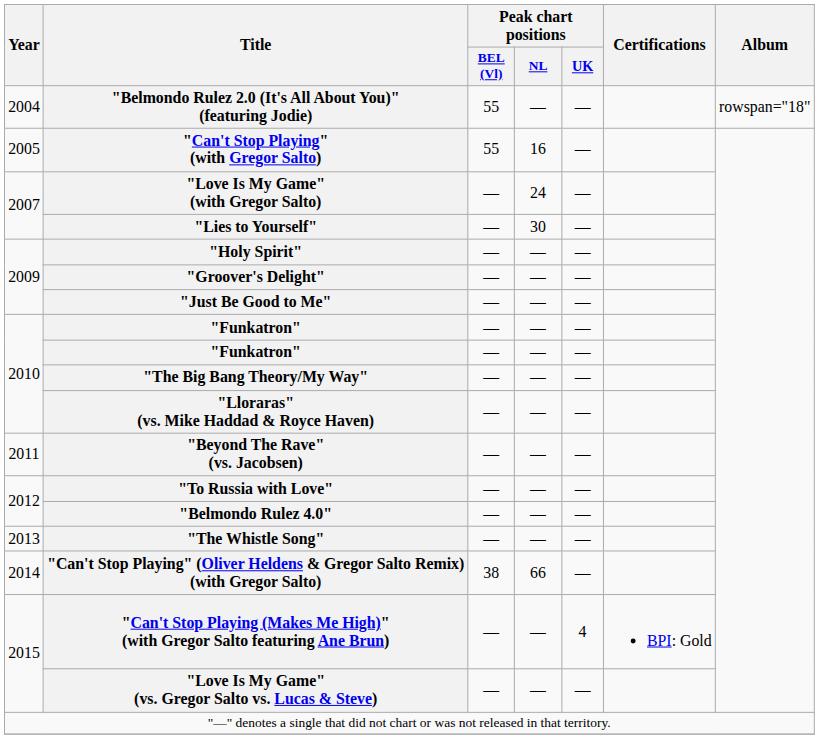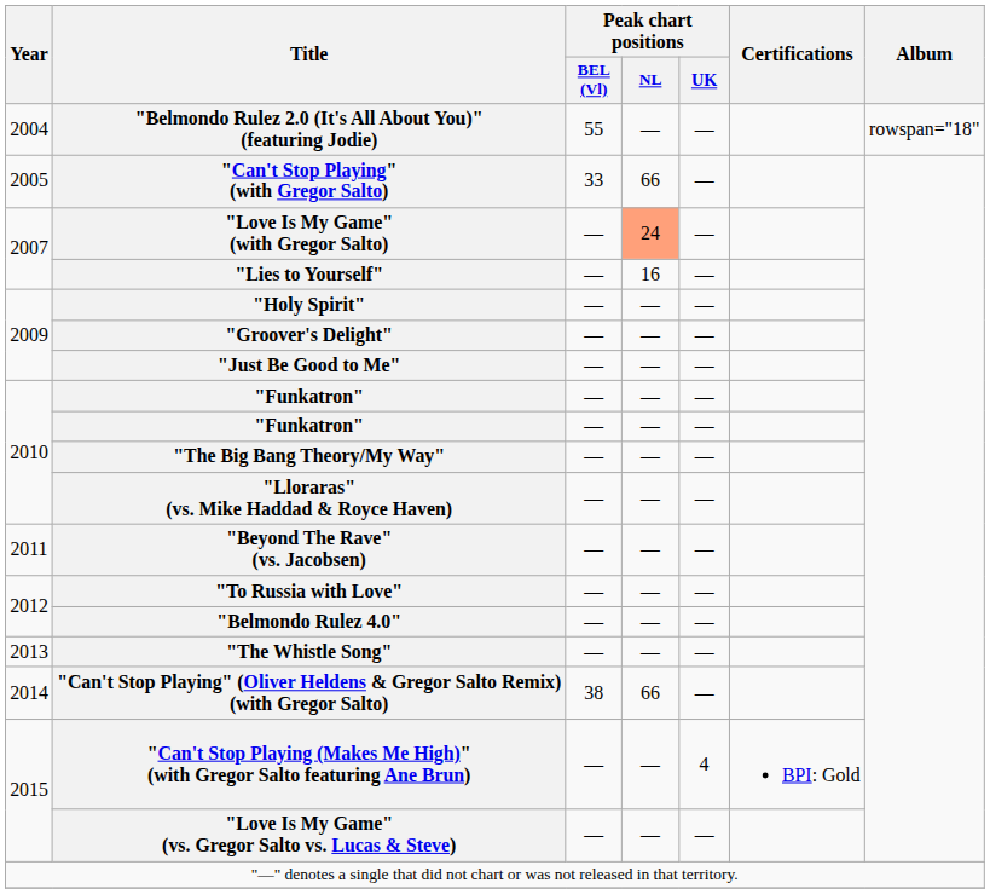 <table class="wikitable plainrowheaders" style="text-align:center;">
 <tr>
 <th scope="col" rowspan="2">Year</th>
 <th scope="col" rowspan="2">Title</th>
 <th scope="col" colspan="3">Peak chart positions</th>
 <th scope="col" rowspan="2">Certifications</th>
 <th scope="col" rowspan="2">Album</th>
 </tr>
 <tr>
 <th scope="col" style="width:3em;font-size:85%;"><a href='#'>BEL (Vl)</a><br></th>
 <th scope="col" style="width:3em;font-size:85%;"><a href='#'>NL</a><br></th>
 <th scope="col" style="width:2.5em;font-size:90%;"><a href='#'>UK</a><br></th>
 </tr>
 <tr>
 <td>2004</td>
 <th scope="row">"Belmondo Rulez 2.0 (It's All About You)"<br><span>(featuring Jodie)</span></th>
 <td>55</td>
 <td>—</td>
 <td>—</td>
 <td></td>
 <td>rowspan="18" </td>
 </tr>
 <tr>
 <td>2005</td>
 <th scope="row">"<a href='#'>Can't Stop Playing</a>"<br><span>(with <a href='#'>Gregor Salto</a>)</span></th>
-<td>55</td>
-<td>16</td>
+<td>33</td>
+<td>66</td>
 <td>—</td>
 <td></td>
 </tr>
 <tr>
 <td rowspan="2">2007</td>
 <th scope="row">"Love Is My Game"<br><span>(with Gregor Salto)</span></th>
 <td>—</td>
-<td>24</td>
+<td style="background: lightsalmon;">24</td>
 <td>—</td>
 <td></td>
 </tr>
 <tr>
 <th scope="row">"Lies to Yourself"</th>
 <td>—</td>
-<td>30</td>
+<td>16</td>
 <td>—</td>
 <td></td>
 </tr>
 <tr>
 <td rowspan="3">2009</td>
 <th scope="row">"Holy Spirit"</th>
 <td>—</td>
 <td>—</td>
 <td>—</td>
 <td></td>
 </tr>
 <tr>
 <th scope="row">"Groover's Delight"</th>
 <td>—</td>
 <td>—</td>
 <td>—</td>
 <td></td>
 </tr>
 <tr>
 <th scope="row">"Just Be Good to Me"</th>
 <td>—</td>
 <td>—</td>
 <td>—</td>
 <td></td>
 </tr>
 <tr>
 <td rowspan="4">2010</td>
 <th scope="row">"Funkatron"</th>
 <td>—</td>
 <td>—</td>
 <td>—</td>
 <td></td>
 </tr>
 <tr>
 <th scope="row">"Funkatron"</th>
 <td>—</td>
 <td>—</td>
 <td>—</td>
 <td></td>
 </tr>
 <tr>
 <th scope="row">"The Big Bang Theory/My Way"</th>
 <td>—</td>
 <td>—</td>
 <td>—</td>
 <td></td>
 </tr>
 <tr>
 <th scope="row">"Lloraras"<br><span>(vs. Mike Haddad & Royce Haven)</span></th>
 <td>—</td>
 <td>—</td>
 <td>—</td>
 <td></td>
 </tr>
 <tr>
 <td>2011</td>
 <th scope="row">"Beyond The Rave"<br><span>(vs. Jacobsen)</span></th>
 <td>—</td>
 <td>—</td>
 <td>—</td>
 <td></td>
 </tr>
 <tr>
 <td rowspan="2">2012</td>
 <th scope="row">"To Russia with Love"</th>
 <td>—</td>
 <td>—</td>
 <td>—</td>
 <td></td>
 </tr>
 <tr>
 <th scope="row">"Belmondo Rulez 4.0"</th>
 <td>—</td>
 <td>—</td>
 <td>—</td>
 <td></td>
 </tr>
 <tr>
 <td>2013</td>
 <th scope="row">"The Whistle Song"</th>
 <td>—</td>
 <td>—</td>
 <td>—</td>
 <td></td>
 </tr>
 <tr>
 <td>2014</td>
 <th scope="row">"Can't Stop Playing" <span>(<a href='#'>Oliver Heldens</a> & Gregor Salto Remix)</span><br><span>(with Gregor Salto)</span></th>
 <td>38</td>
 <td>66</td>
 <td>—</td>
 <td></td>
 </tr>
 <tr>
 <td rowspan="2">2015</td>
 <th scope="row">"<a href='#'>Can't Stop Playing (Makes Me High)</a>"<br><span>(with Gregor Salto featuring <a href='#'>Ane Brun</a>)</span></th>
 <td>—</td>
 <td>—</td>
 <td>4</td>
 <td><br><ul><li><a href='#'>BPI</a>: Gold</li></ul></td>
 </tr>
 <tr>
 <th scope="row">"Love Is My Game"<br><span>(vs. Gregor Salto vs. <a href='#'>Lucas & Steve</a>)</span></th>
 <td>—</td>
 <td>—</td>
 <td>—</td>
 <td></td>
 </tr>
 <tr>
 <td colspan="18" style="font-size:85%">"—" denotes a single that did not chart or was not released in that territory.</td>
 </tr>
 <tr>
 </tr>
 </table>
